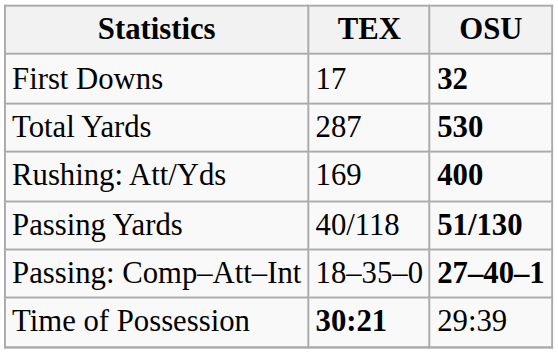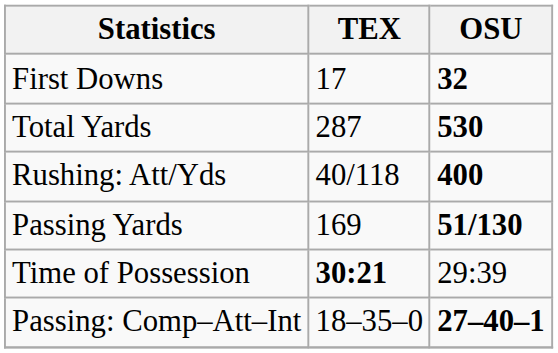 <table class="wikitable" style="float: left;">
 <tr>
 <th>Statistics</th>
 <th>TEX</th>
 <th>OSU</th>
 </tr>
 <tr>
 <td>First Downs</td>
 <td>17</td>
 <td><strong>32</strong></td>
 </tr>
 <tr>
 <td>Total Yards</td>
 <td>287</td>
 <td><strong>530</strong></td>
 </tr>
 <tr>
 <td>Rushing: Att/Yds</td>
-<td>169</td>
+<td>40/118</td>
 <td><strong>400</strong></td>
 </tr>
 <tr>
 <td>Passing Yards</td>
-<td>40/118</td>
+<td>169</td>
 <td><strong>51/130</strong></td>
+</tr>
+<tr>
+<td>Time of Possession</td>
+<td><strong>30:21</strong></td>
+<td>29:39</td>
 </tr>
 <tr>
 <td>Passing: Comp–Att–Int</td>
 <td>18–35–0</td>
 <td><strong>27–40–1</strong></td>
 </tr>
 <tr>
-<td>Time of Possession</td>
-<td><strong>30:21</strong></td>
-<td>29:39</td>
-</tr>
-<tr>
 </tr>
 </table>
